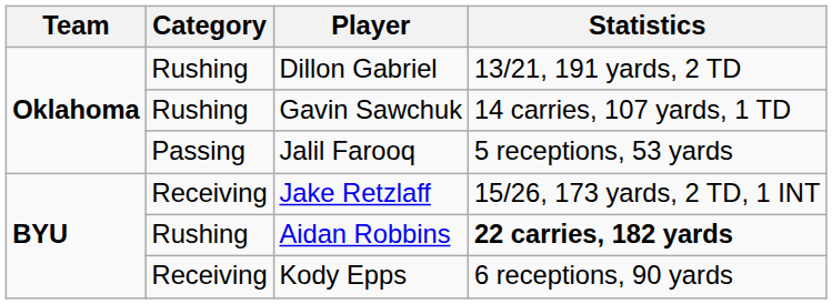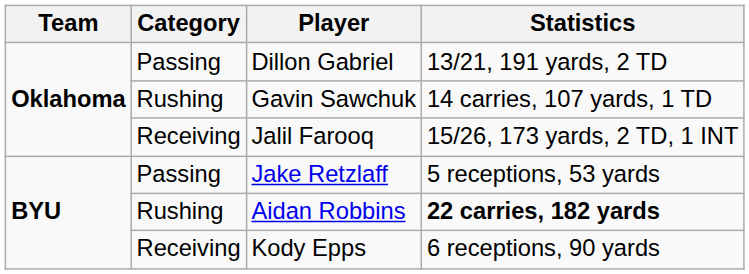 <table class="wikitable" style="float: right;">
 <tr>
 <th>Team</th>
 <th>Category</th>
 <th>Player</th>
 <th>Statistics</th>
 </tr>
 <tr>
 <td rowspan=3><strong>Oklahoma</strong></td>
-<td>Rushing</td>
+<td>Passing</td>
 <td>Dillon Gabriel</td>
 <td>13/21, 191 yards, 2 TD</td>
 </tr>
 <tr>
 <td>Rushing</td>
 <td>Gavin Sawchuk</td>
 <td>14 carries, 107 yards, 1 TD</td>
 </tr>
 <tr>
-<td>Passing</td>
+<td>Receiving</td>
 <td>Jalil Farooq</td>
-<td>5 receptions, 53 yards</td>
+<td>15/26, 173 yards, 2 TD, 1 INT</td>
 </tr>
 <tr>
 <td rowspan=3><strong>BYU</strong></td>
-<td>Receiving</td>
+<td>Passing</td>
 <td><a href='#'>Jake Retzlaff</a></td>
-<td>15/26, 173 yards, 2 TD, 1 INT</td>
+<td>5 receptions, 53 yards</td>
 </tr>
 <tr>
 <td>Rushing</td>
 <td><a href='#'>Aidan Robbins</a></td>
 <td><strong>22 carries, 182 yards</strong></td>
 </tr>
 <tr>
 <td>Receiving</td>
 <td>Kody Epps</td>
 <td>6 receptions, 90 yards</td>
 </tr>
 </table>
